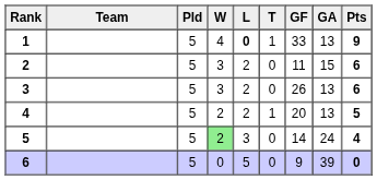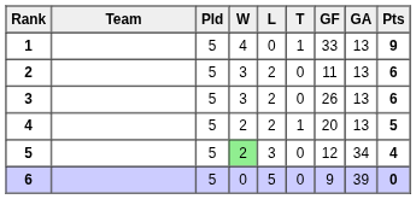 <table border=1 cellpadding=5 cellspacing=0>
 <tr>
 <th bgcolor="#efefef" width="20">Rank</th>
 <th bgcolor="#efefef" width="150">Team</th>
 <th bgcolor="#efefef" width="20">Pld</th>
 <th bgcolor="#efefef" width="20">W</th>
 <th bgcolor="#efefef" width="20">L</th>
 <th bgcolor="#efefef" width="20">T</th>
 <th bgcolor="#efefef" width="20">GF</th>
 <th bgcolor="#efefef" width="20">GA</th>
 <th bgcolor="#efefef" width="20">Pts</th>
 </tr>
 <tr align=center>
 <td><strong>1</strong></td>
 <td align=left></td>
 <td>5</td>
 <td>4</td>
-<td><strong>0</strong></td>
+<td>0</td>
 <td>1</td>
 <td>33</td>
 <td>13</td>
 <td><strong>9</strong></td>
 </tr>
 <tr align=center>
 <td><strong>2</strong></td>
 <td align=left></td>
 <td>5</td>
 <td>3</td>
 <td>2</td>
 <td>0</td>
 <td>11</td>
-<td>15</td>
+<td>13</td>
 <td><strong>6</strong></td>
 </tr>
 <tr align=center>
 <td><strong>3</strong></td>
 <td align=left></td>
 <td>5</td>
 <td>3</td>
 <td>2</td>
 <td>0</td>
 <td>26</td>
 <td>13</td>
 <td><strong>6</strong></td>
 </tr>
 <tr align=center>
 <td><strong>4</strong></td>
 <td align=left></td>
 <td>5</td>
 <td>2</td>
 <td>2</td>
 <td>1</td>
 <td>20</td>
 <td>13</td>
 <td><strong>5</strong></td>
 </tr>
 <tr align=center>
 <td><strong>5</strong></td>
 <td align=left></td>
 <td>5</td>
 <td style="background: lightgreen;">2</td>
 <td>3</td>
 <td>0</td>
-<td>14</td>
-<td>24</td>
+<td>12</td>
+<td>34</td>
 <td><strong>4</strong></td>
 </tr>
 <tr align=center bgcolor="ccccff">
 <td><strong>6</strong></td>
 <td align=left></td>
 <td>5</td>
 <td>0</td>
 <td>5</td>
 <td>0</td>
 <td>9</td>
 <td>39</td>
 <td><strong>0</strong></td>
 </tr>
 </table>
